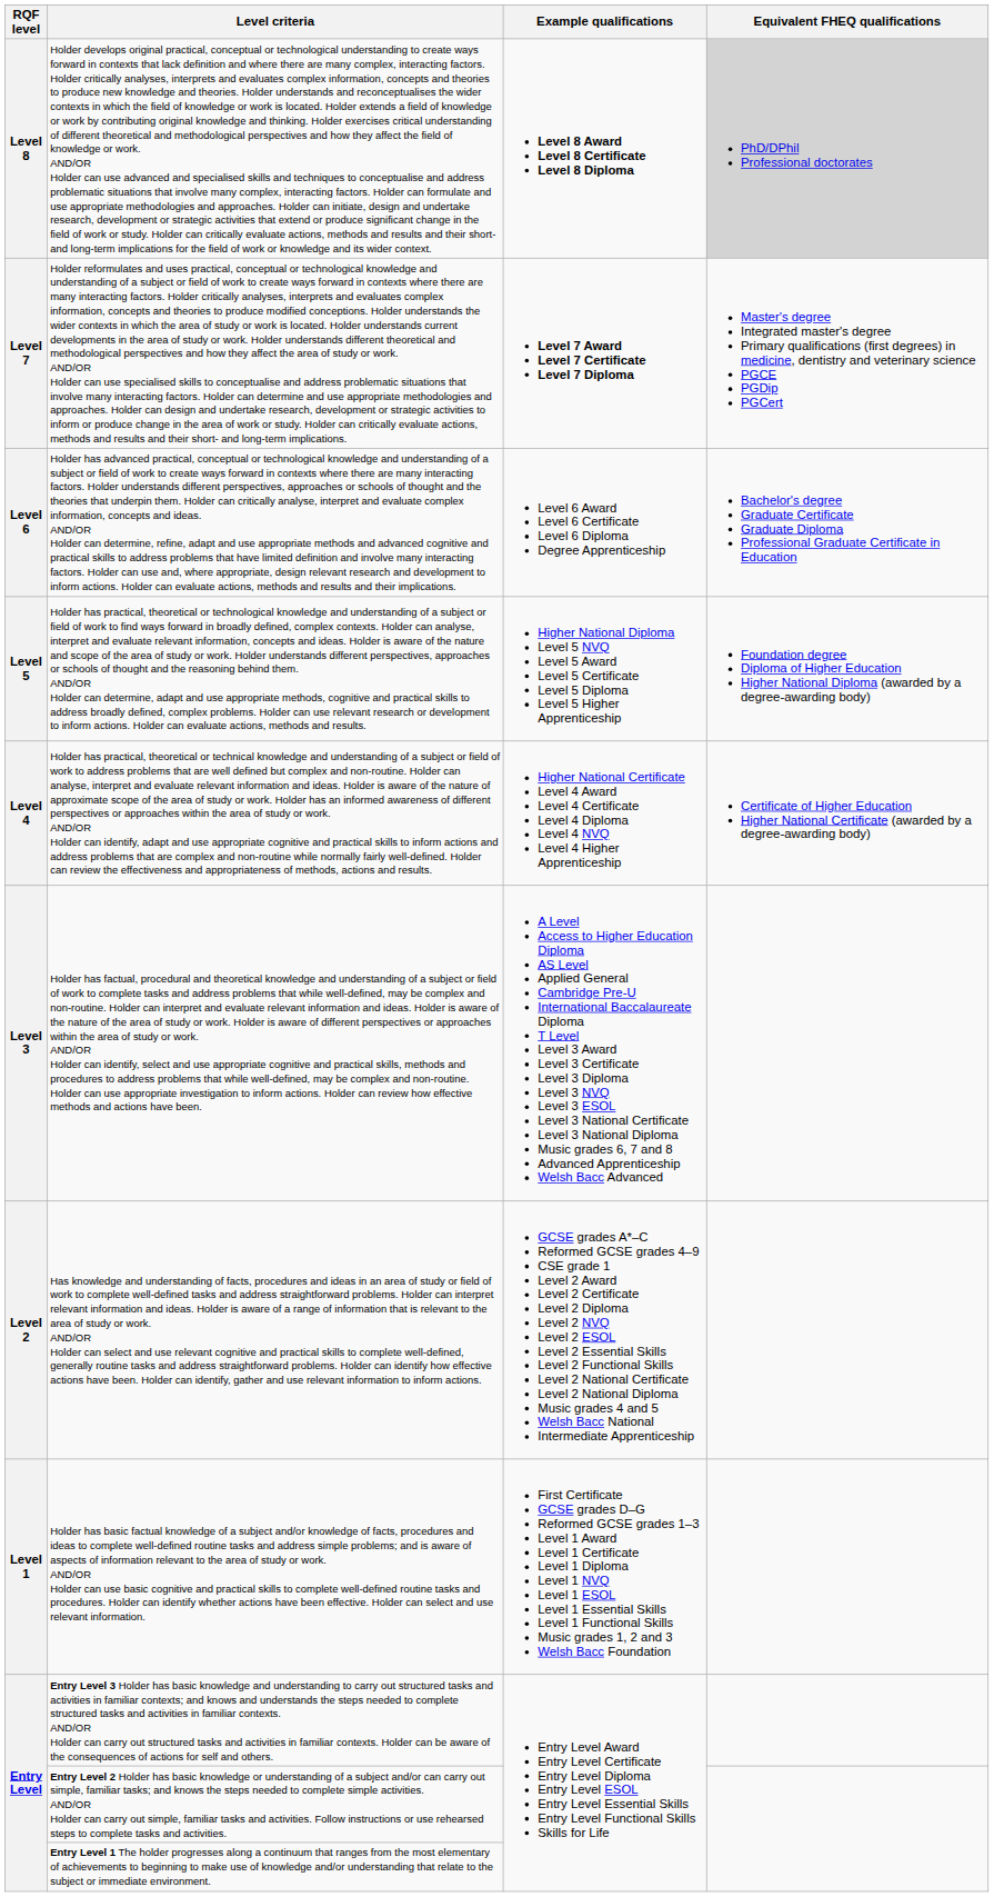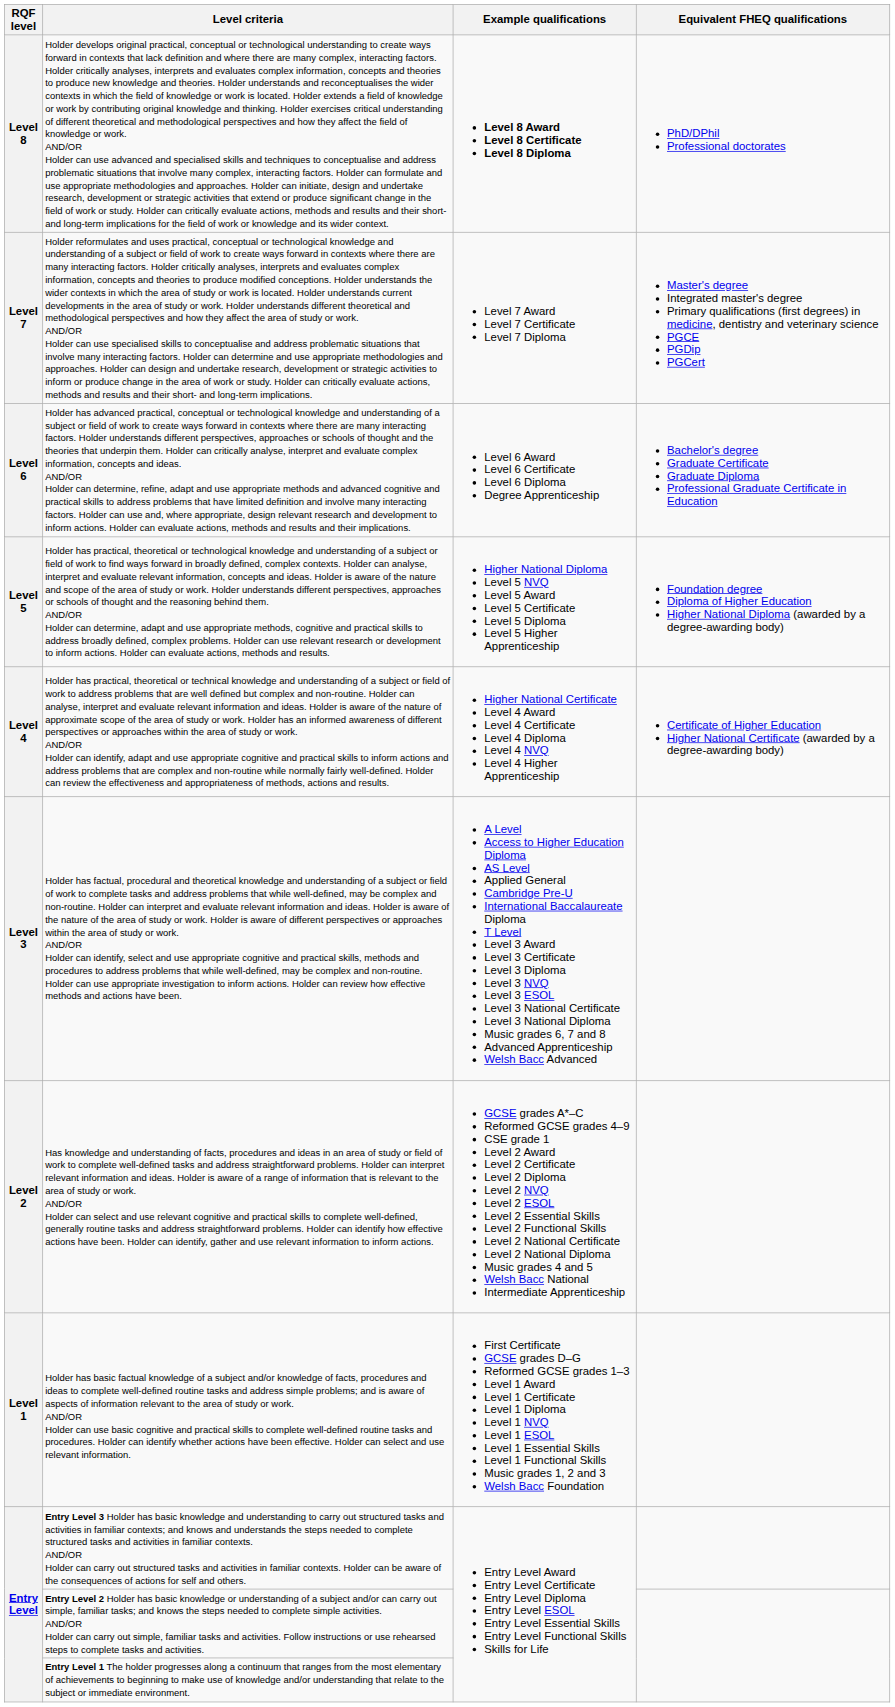 <table class="wikitable">
 <tr>
 <th>RQF level</th>
 <th>Level criteria</th>
 <th width=250>Example qualifications</th>
 <th width=350>Equivalent FHEQ qualifications</th>
 </tr>
 <tr>
 <th>Level 8</th>
 <td><small>Holder develops original practical, conceptual or technological understanding to create ways forward in contexts that lack definition and where there are many complex, interacting factors. Holder critically analyses, interprets and evaluates complex information, concepts and theories to produce new knowledge and theories. Holder understands and reconceptualises the wider contexts in which the field of knowledge or work is located. Holder extends a field of knowledge or work by contributing original knowledge and thinking. Holder exercises critical understanding of different theoretical and methodological perspectives and how they affect the field of knowledge or work. <br>AND/OR<br> Holder can use advanced and specialised skills and techniques to conceptualise and address problematic situations that involve many complex, interacting factors. Holder can formulate and use appropriate methodologies and approaches. Holder can initiate, design and undertake research, development or strategic activities that extend or produce significant change in the field of work or study. Holder can critically evaluate actions, methods and results and their short- and long-term implications for the field of work or knowledge and its wider context.</small></td>
 <td><strong><br><ul><li>Level 8 Award</li><li>Level 8 Certificate</li><li>Level 8 Diploma</li></ul></strong></td>
-<td style="background: lightgrey;"><br><ul><li><a href='#'>PhD/DPhil</a></li><li><a href='#'>Professional doctorates</a></li></ul></td>
+<td><br><ul><li><a href='#'>PhD/DPhil</a></li><li><a href='#'>Professional doctorates</a></li></ul></td>
 </tr>
 <tr>
 <th>Level 7</th>
 <td><small>Holder reformulates and uses practical, conceptual or technological knowledge and understanding of a subject or field of work to create ways forward in contexts where there are many interacting factors. Holder critically analyses, interprets and evaluates complex information, concepts and theories to produce modified conceptions. Holder understands the wider contexts in which the area of study or work is located. Holder understands current developments in the area of study or work. Holder understands different theoretical and methodological perspectives and how they affect the area of study or work. <br>AND/OR<br> Holder can use specialised skills to conceptualise and address problematic situations that involve many interacting factors. Holder can determine and use appropriate methodologies and approaches. Holder can design and undertake research, development or strategic activities to inform or produce change in the area of work or study. Holder can critically evaluate actions, methods and results and their short- and long-term implications.</small></td>
-<td><strong><br><ul><li>Level 7 Award</li><li>Level 7 Certificate</li><li>Level 7 Diploma</li></ul></strong></td>
+<td><br><ul><li>Level 7 Award</li><li>Level 7 Certificate</li><li>Level 7 Diploma</li></ul></td>
 <td><br><ul><li><a href='#'>Master's degree</a></li><li>Integrated master's degree</li><li>Primary qualifications (first degrees) in <a href='#'>medicine</a>, dentistry and veterinary science</li><li><a href='#'>PGCE</a></li><li><a href='#'>PGDip</a></li><li><a href='#'>PGCert</a></li></ul></td>
 </tr>
 <tr>
 <th>Level 6</th>
 <td><small>Holder has advanced practical, conceptual or technological knowledge and understanding of a subject or field of work to create ways forward in contexts where there are many interacting factors. Holder understands different perspectives, approaches or schools of thought and the theories that underpin them.  Holder can critically analyse, interpret and evaluate complex information, concepts and ideas. <br>AND/OR<br> Holder can determine, refine, adapt and use appropriate methods and advanced cognitive and practical skills to address problems that have limited definition and involve many interacting factors.  Holder can use and, where appropriate, design relevant research and development to inform actions. Holder can evaluate actions, methods and results and their implications.</small></td>
 <td><br><ul><li>Level 6 Award</li><li>Level 6 Certificate</li><li>Level 6 Diploma</li><li>Degree Apprenticeship</li></ul></td>
 <td><br><ul><li><a href='#'>Bachelor's degree</a></li><li><a href='#'>Graduate Certificate</a></li><li><a href='#'>Graduate Diploma</a></li><li><a href='#'>Professional Graduate Certificate in Education</a></li></ul></td>
 </tr>
 <tr>
 <th>Level 5</th>
 <td><small>Holder has practical, theoretical or technological knowledge and understanding of a subject or field of work to find ways forward in broadly defined, complex contexts. Holder can analyse, interpret and evaluate relevant information, concepts and ideas. Holder is aware of the nature and scope of the area of study or work. Holder understands different perspectives, approaches or schools of thought and the reasoning behind them. <br>AND/OR<br> Holder can determine, adapt and use appropriate methods, cognitive and practical skills to address broadly defined, complex problems. Holder can use relevant research or development to inform actions. Holder can evaluate actions, methods and results.</small></td>
 <td><br><ul><li><a href='#'>Higher National Diploma</a></li><li>Level 5 <a href='#'>NVQ</a></li><li>Level 5 Award</li><li>Level 5 Certificate</li><li>Level 5 Diploma</li><li>Level 5 Higher Apprenticeship</li></ul></td>
 <td><br><ul><li><a href='#'>Foundation degree</a></li><li><a href='#'>Diploma of Higher Education</a></li><li><a href='#'>Higher National Diploma</a> (awarded by a degree-awarding body)</li></ul></td>
 </tr>
 <tr>
 <th>Level 4</th>
 <td><small>Holder has practical, theoretical or technical knowledge and understanding of a subject or field of work to address problems that are well defined but complex and non-routine. Holder can analyse, interpret and evaluate relevant information and ideas. Holder is aware of the nature of approximate scope of the area of study or work. Holder has an informed awareness of different perspectives or approaches within the area of study or work. <br>AND/OR<br> Holder can identify, adapt and use appropriate cognitive and practical skills to inform actions and address problems that are complex and non-routine while normally fairly well-defined. Holder can review the effectiveness and appropriateness of methods, actions and results.</small></td>
 <td><br><ul><li><a href='#'>Higher National Certificate</a></li><li>Level 4 Award</li><li>Level 4 Certificate</li><li>Level 4 Diploma</li><li>Level 4 <a href='#'>NVQ</a></li><li>Level 4 Higher Apprenticeship</li></ul></td>
 <td><br><ul><li><a href='#'>Certificate of Higher Education</a></li><li><a href='#'>Higher National Certificate</a> (awarded by a degree-awarding body)</li></ul></td>
 </tr>
 <tr>
 <th>Level 3</th>
 <td><small>Holder has factual, procedural and theoretical knowledge and understanding of a subject or field of work to complete tasks and address problems that while well-defined, may be complex and non-routine. Holder can interpret and evaluate relevant information and ideas. Holder is aware of the nature of the area of study or work. Holder is aware of different perspectives or approaches within the area of study or work. <br>AND/OR<br> Holder can identify, select and use appropriate cognitive and practical skills, methods and procedures to address problems that while well-defined, may be complex and non-routine. Holder can use appropriate investigation to inform actions. Holder can review how effective methods and actions have been.</small></td>
 <td><br><ul><li><a href='#'>A Level</a></li><li><a href='#'>Access to Higher Education Diploma</a></li><li><a href='#'>AS Level</a></li><li>Applied General</li><li><a href='#'>Cambridge Pre-U</a></li><li><a href='#'>International Baccalaureate</a> Diploma</li><li><a href='#'>T Level</a></li><li>Level 3 Award</li><li>Level 3 Certificate</li><li>Level 3 Diploma</li><li>Level 3 <a href='#'>NVQ</a></li><li>Level 3 <a href='#'>ESOL</a></li><li>Level 3 National Certificate</li><li>Level 3 National Diploma</li><li>Music grades 6, 7 and 8</li><li>Advanced Apprenticeship</li><li><a href='#'>Welsh Bacc</a> Advanced</li></ul></td>
 <td> </td>
 </tr>
 <tr>
 <th>Level 2</th>
 <td><small>Has knowledge and understanding of facts, procedures and ideas in an area of study or field of work to complete well-defined tasks and address straightforward problems. Holder can interpret relevant information and ideas. Holder is aware of a range of information that is relevant to the area of study or work. <br>AND/OR<br> Holder can select and use relevant cognitive and practical skills to complete well-defined, generally routine tasks and address straightforward problems. Holder can identify how effective actions have been. Holder can identify, gather and use relevant information to inform actions.</small></td>
 <td><br><ul><li><a href='#'>GCSE</a> grades A*–C</li><li>Reformed GCSE grades 4–9</li><li>CSE grade 1</li><li>Level 2 Award</li><li>Level 2 Certificate</li><li>Level 2 Diploma</li><li>Level 2 <a href='#'>NVQ</a></li><li>Level 2 <a href='#'>ESOL</a></li><li>Level 2 Essential Skills</li><li>Level 2 Functional Skills</li><li>Level 2 National Certificate</li><li>Level 2 National Diploma</li><li>Music grades 4 and 5</li><li><a href='#'>Welsh Bacc</a> National</li><li>Intermediate Apprenticeship</li></ul></td>
 <td> </td>
 </tr>
 <tr>
 <th>Level 1</th>
 <td><br><small>Holder has basic factual knowledge of a subject and/or knowledge of facts, procedures and ideas to complete well-defined routine tasks and address simple problems; and is aware of aspects of information relevant to the area of study or work. <br>AND/OR<br> Holder can use basic cognitive and practical skills to complete well-defined routine tasks and procedures. Holder can identify whether actions have been effective. Holder can select and use relevant information.</small></td>
 <td><br><ul><li>First Certificate</li><li><a href='#'>GCSE</a> grades D–G</li><li>Reformed GCSE grades 1–3</li><li>Level 1 Award</li><li>Level 1 Certificate</li><li>Level 1 Diploma</li><li>Level 1 <a href='#'>NVQ</a></li><li>Level 1 <a href='#'>ESOL</a></li><li>Level 1 Essential Skills</li><li>Level 1 Functional Skills</li><li>Music grades 1, 2 and 3</li><li><a href='#'>Welsh Bacc</a> Foundation</li></ul></td>
 <td> </td>
 </tr>
 <tr>
 <th rowspan=3><a href='#'>Entry Level</a></th>
 <td><small><strong>Entry Level 3</strong> Holder has basic knowledge and understanding to carry out structured tasks and activities in familiar contexts; and knows and understands the steps needed to complete structured tasks and activities in familiar contexts. <br>AND/OR<br> Holder can carry out structured tasks and activities in familiar contexts. Holder can be aware of the consequences of actions for self and others.</small></td>
 <td rowspan=3><br><ul><li>Entry Level Award</li><li>Entry Level Certificate</li><li>Entry Level Diploma</li><li>Entry Level <a href='#'>ESOL</a></li><li>Entry Level Essential Skills</li><li>Entry Level Functional Skills</li><li>Skills for Life</li></ul></td>
 <td rowpsan=3> </td>
 </tr>
 <tr>
 <td><small><strong>Entry Level 2</strong> Holder has basic knowledge or understanding of a subject and/or can carry out simple, familiar tasks; and knows the steps needed to complete simple activities. <br>AND/OR<br> Holder can carry out simple, familiar tasks and activities. Follow instructions or use rehearsed steps to complete tasks and activities.</small></td>
 </tr>
 <tr>
 <td><small><strong>Entry Level 1</strong> The holder progresses along a continuum that ranges from the most elementary of achievements to beginning to make use of knowledge and/or understanding that relate to the subject or immediate environment.</small></td>
 </tr>
 </table>
